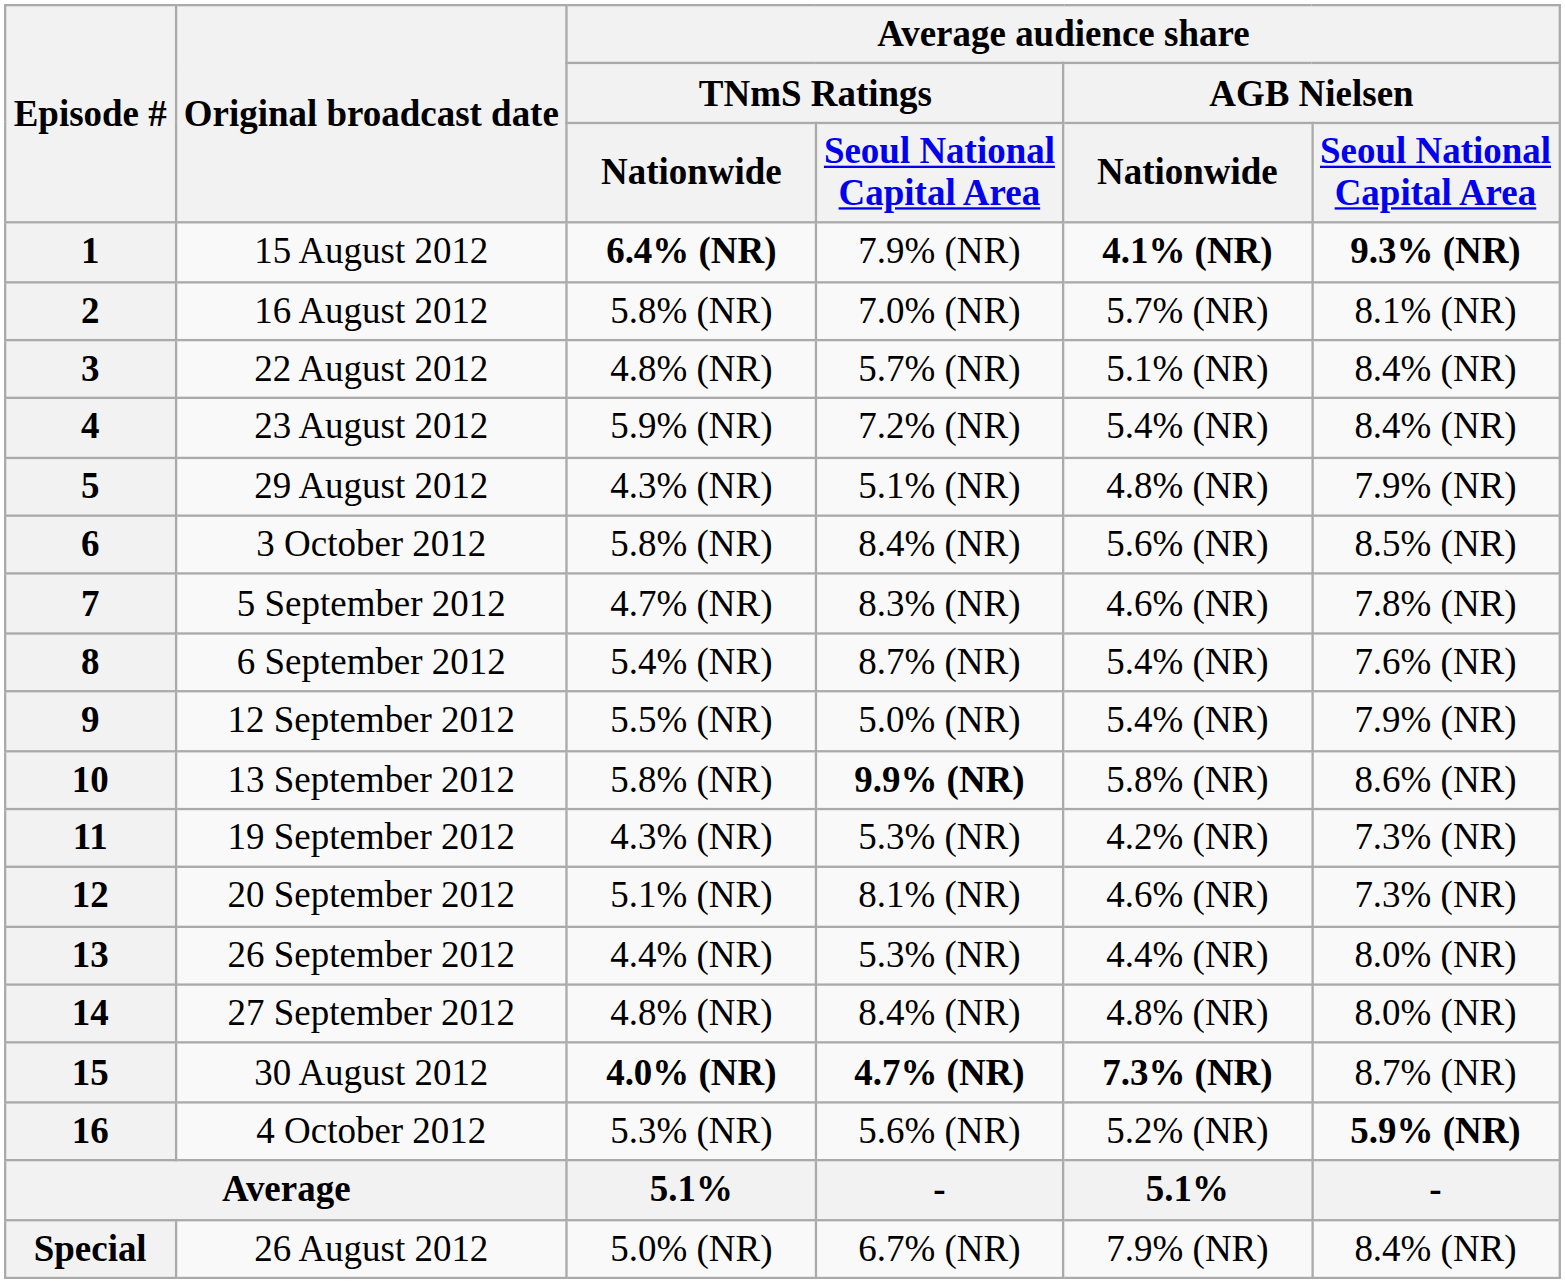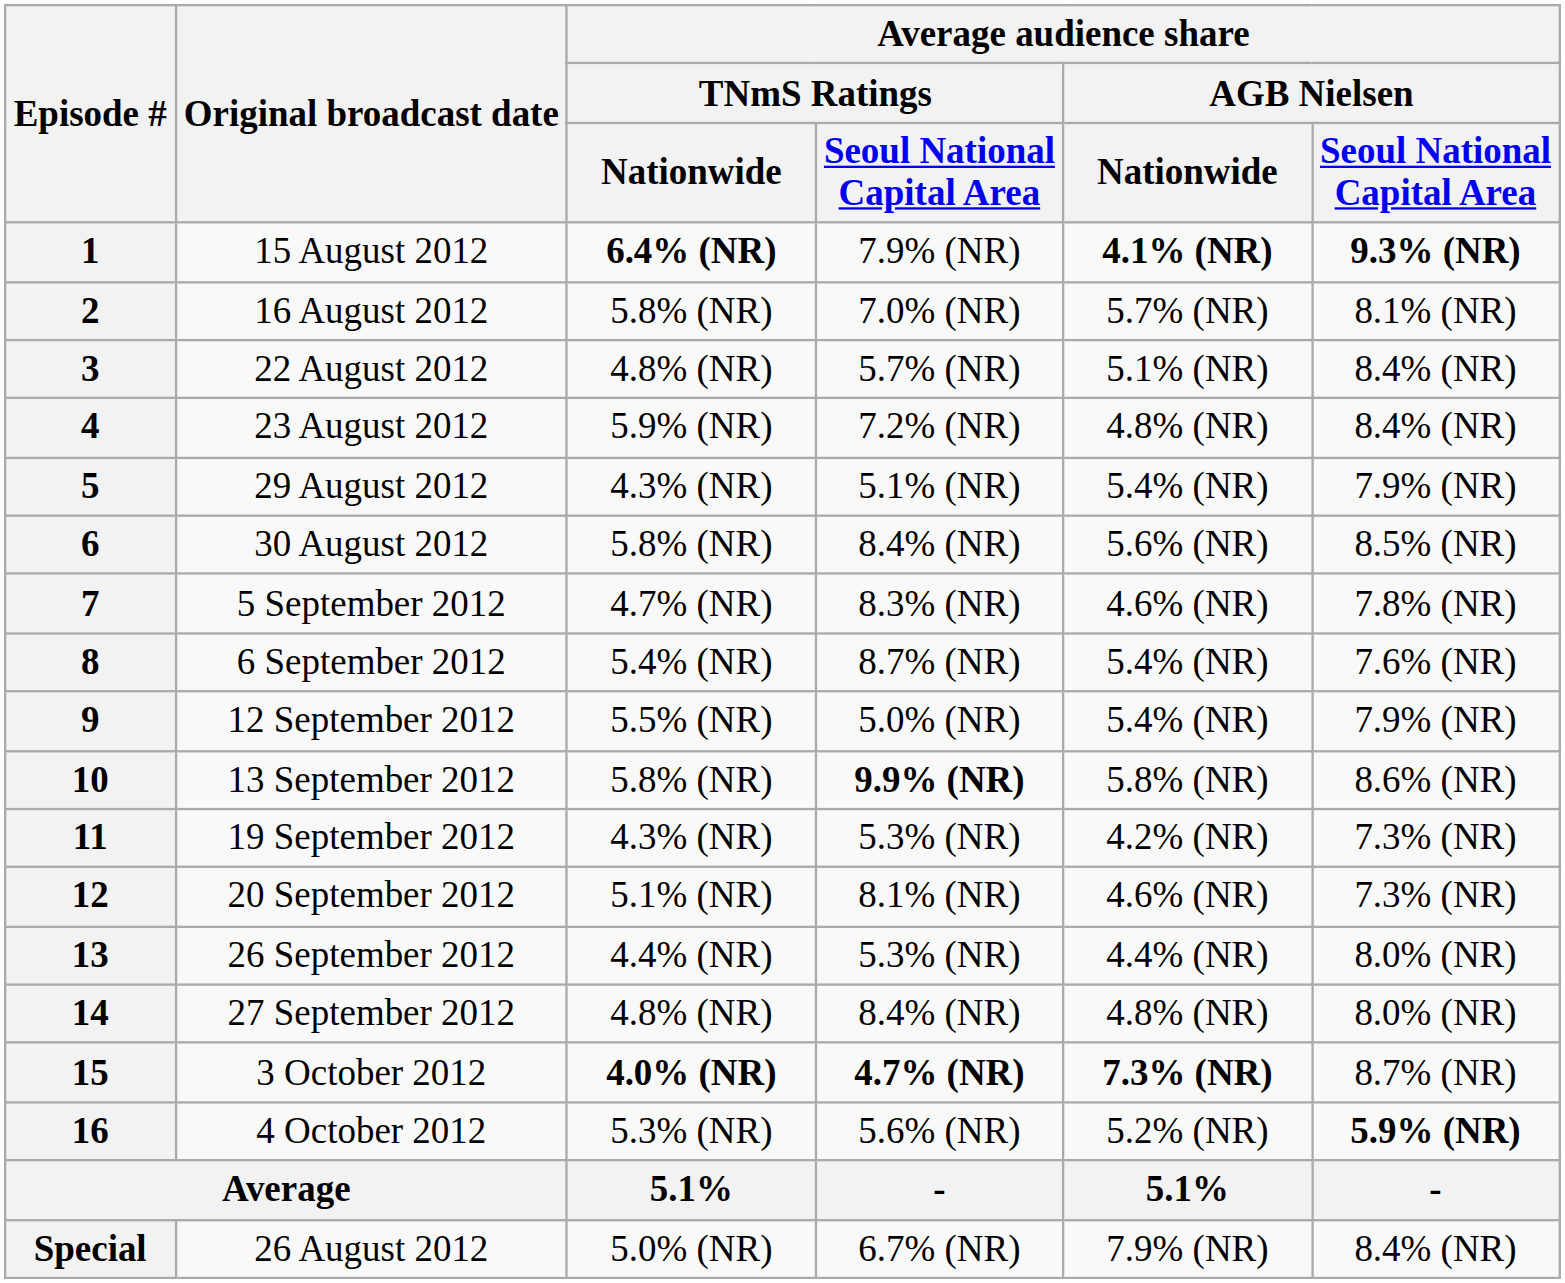 <table class=wikitable style="text-align:center">
 <tr>
 <th rowspan="3">Episode #</th>
 <th rowspan="3">Original broadcast date</th>
 <th colspan="4">Average audience share</th>
 </tr>
 <tr>
 <th colspan="2">TNmS Ratings</th>
 <th colspan="2">AGB Nielsen</th>
 </tr>
 <tr>
 <th width=100>Nationwide</th>
 <th width=100><a href='#'>Seoul National Capital Area</a></th>
 <th width=100>Nationwide</th>
 <th width=100><a href='#'>Seoul National Capital Area</a></th>
 </tr>
 <tr>
 <th>1</th>
 <td>15 August 2012</td>
 <td><span><strong>6.4% (NR)</strong></span></td>
 <td>7.9% (NR)</td>
 <td><span><strong>4.1% (NR)</strong></span></td>
 <td><span><strong>9.3% (NR)</strong></span></td>
 </tr>
 <tr>
 <th>2</th>
 <td>16 August 2012</td>
 <td>5.8% (NR)</td>
 <td>7.0% (NR)</td>
 <td>5.7% (NR)</td>
 <td>8.1% (NR)</td>
 </tr>
 <tr>
 <th>3</th>
 <td>22 August 2012</td>
 <td>4.8% (NR)</td>
 <td>5.7% (NR)</td>
 <td>5.1% (NR)</td>
 <td>8.4% (NR)</td>
 </tr>
 <tr>
 <th>4</th>
 <td>23 August 2012</td>
 <td>5.9% (NR)</td>
 <td>7.2% (NR)</td>
-<td>5.4% (NR)</td>
+<td>4.8% (NR)</td>
 <td>8.4% (NR)</td>
 </tr>
 <tr>
 <th>5</th>
 <td>29 August 2012</td>
 <td>4.3% (NR)</td>
 <td>5.1% (NR)</td>
-<td>4.8% (NR)</td>
+<td>5.4% (NR)</td>
 <td>7.9% (NR)</td>
 </tr>
 <tr>
 <th>6</th>
-<td>3 October 2012</td>
+<td>30 August 2012</td>
 <td>5.8% (NR)</td>
 <td>8.4% (NR)</td>
 <td>5.6% (NR)</td>
 <td>8.5% (NR)</td>
 </tr>
 <tr>
 <th>7</th>
 <td>5 September 2012</td>
 <td>4.7% (NR)</td>
 <td>8.3% (NR)</td>
 <td>4.6% (NR)</td>
 <td>7.8% (NR)</td>
 </tr>
 <tr>
 <th>8</th>
 <td>6 September 2012</td>
 <td>5.4% (NR)</td>
 <td>8.7% (NR)</td>
 <td>5.4% (NR)</td>
 <td>7.6% (NR)</td>
 </tr>
 <tr>
 <th>9</th>
 <td>12 September 2012</td>
 <td>5.5% (NR)</td>
 <td>5.0% (NR)</td>
 <td>5.4% (NR)</td>
 <td>7.9% (NR)</td>
 </tr>
 <tr>
 <th>10</th>
 <td>13 September 2012</td>
 <td>5.8% (NR)</td>
 <td><span><strong>9.9% (NR)</strong></span></td>
 <td>5.8% (NR)</td>
 <td>8.6% (NR)</td>
 </tr>
 <tr>
 <th>11</th>
 <td>19 September 2012</td>
 <td>4.3% (NR)</td>
 <td>5.3% (NR)</td>
 <td>4.2% (NR)</td>
 <td>7.3% (NR)</td>
 </tr>
 <tr>
 <th>12</th>
 <td>20 September 2012</td>
 <td>5.1% (NR)</td>
 <td>8.1% (NR)</td>
 <td>4.6% (NR)</td>
 <td>7.3% (NR)</td>
 </tr>
 <tr>
 <th>13</th>
 <td>26 September 2012</td>
 <td>4.4% (NR)</td>
 <td>5.3% (NR)</td>
 <td>4.4% (NR)</td>
 <td>8.0% (NR)</td>
 </tr>
 <tr>
 <th>14</th>
 <td>27 September 2012</td>
 <td>4.8% (NR)</td>
 <td>8.4% (NR)</td>
 <td>4.8% (NR)</td>
 <td>8.0% (NR)</td>
 </tr>
 <tr>
 <th>15</th>
-<td>30 August 2012</td>
+<td>3 October 2012</td>
 <td><span><strong>4.0% (NR)</strong></span></td>
 <td><span><strong>4.7% (NR)</strong></span></td>
 <td><span><strong>7.3% (NR)</strong></span></td>
 <td>8.7% (NR)</td>
 </tr>
 <tr>
 <th>16</th>
 <td>4 October 2012</td>
 <td>5.3% (NR)</td>
 <td>5.6% (NR)</td>
 <td>5.2% (NR)</td>
 <td><span><strong>5.9% (NR)</strong></span></td>
 </tr>
 <tr>
 <th colspan=2>Average</th>
 <th><span><strong>5.1%</strong></span></th>
 <th><span><strong>-</strong></span></th>
 <th><span><strong>5.1%</strong></span></th>
 <th><span><strong>-</strong></span></th>
 </tr>
 <tr>
 <th>Special</th>
 <td>26 August 2012</td>
 <td>5.0% (NR)</td>
 <td>6.7% (NR)</td>
 <td>7.9% (NR)</td>
 <td>8.4% (NR)</td>
 </tr>
 </table>
